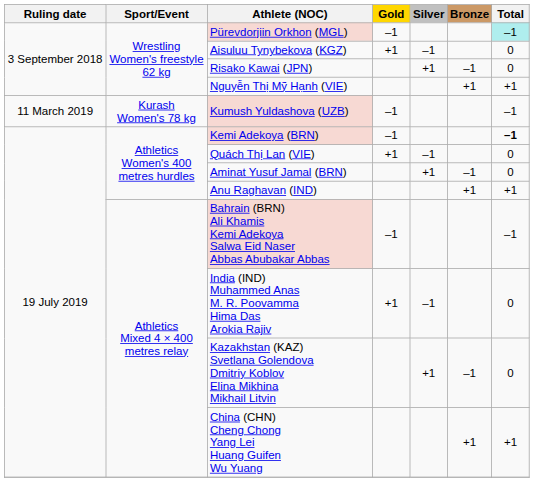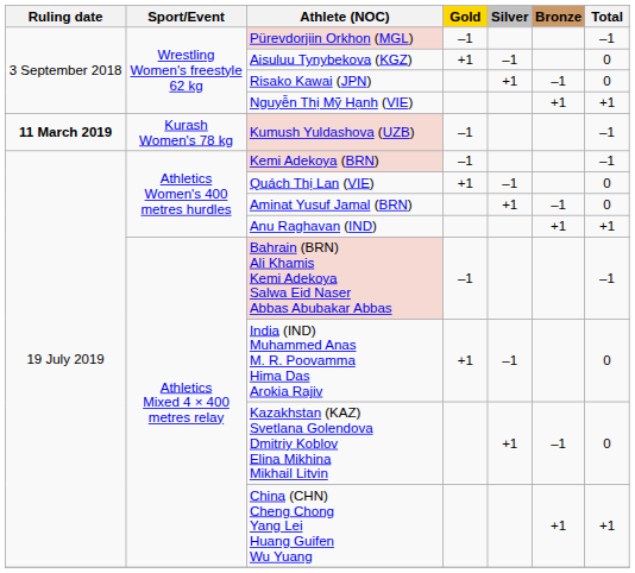 <table class="wikitable" style="text-align:center; font-size:90%;">
 <tr>
 <th scope="col" width="120">Ruling date</th>
 <th scope="col" width="120">Sport/Event</th>
 <th scope="col" width="200">Athlete (NOC)</th>
 <th scope="col" width="40" style="background-color:gold">Gold</th>
 <th scope="col" width="40" style="background-color:silver">Silver</th>
 <th scope="col" width="40" style="background-color:#c96">Bronze</th>
 <th scope="col" width="40">Total</th>
 </tr>
 <tr>
 <td rowspan=4>3 September 2018</td>
 <td rowspan=4><a href='#'>Wrestling</a><br><a href='#'>Women's freestyle 62 kg</a></td>
 <td align=left style="background-color: #F7D9D3;"> <a href='#'>Pürevdorjiin Orkhon</a> (<a href='#'>MGL</a>)</td>
 <td>–1</td>
 <td></td>
 <td></td>
-<td style="background: paleturquoise;">–1</td>
+<td>–1</td>
 </tr>
 <tr>
 <td align=left> <a href='#'>Aisuluu Tynybekova</a> (<a href='#'>KGZ</a>)</td>
 <td>+1</td>
 <td>–1</td>
 <td></td>
 <td>0</td>
 </tr>
 <tr>
 <td align=left> <a href='#'>Risako Kawai</a> (<a href='#'>JPN</a>)</td>
 <td></td>
 <td>+1</td>
 <td>–1</td>
 <td>0</td>
 </tr>
 <tr>
 <td align=left> <a href='#'>Nguyễn Thị Mỹ Hạnh</a> (<a href='#'>VIE</a>)</td>
 <td></td>
 <td></td>
 <td>+1</td>
 <td>+1</td>
 </tr>
 <tr>
-<td>11 March 2019</td>
+<td><strong>11 March 2019</strong></td>
 <td><a href='#'>Kurash</a><br><a href='#'>Women's 78 kg</a></td>
 <td align=left style="background-color: #F7D9D3;"> <a href='#'>Kumush Yuldashova</a> (<a href='#'>UZB</a>)</td>
 <td>–1</td>
 <td></td>
 <td></td>
 <td>–1</td>
 </tr>
 <tr>
 <td rowspan=8>19 July 2019</td>
 <td rowspan=4><a href='#'>Athletics</a><br><a href='#'>Women's 400 metres hurdles</a></td>
 <td align=left style="background-color: #F7D9D3;"> <a href='#'>Kemi Adekoya</a> (<a href='#'>BRN</a>)</td>
 <td>–1</td>
 <td></td>
 <td></td>
-<td><strong>–1</strong></td>
+<td>–1</td>
 </tr>
 <tr>
 <td align=left> <a href='#'>Quách Thị Lan</a> (<a href='#'>VIE</a>)</td>
 <td>+1</td>
 <td>–1</td>
 <td></td>
 <td>0</td>
 </tr>
 <tr>
 <td align=left> <a href='#'>Aminat Yusuf Jamal</a> (<a href='#'>BRN</a>)</td>
 <td></td>
 <td>+1</td>
 <td>–1</td>
 <td>0</td>
 </tr>
 <tr>
 <td align=left> <a href='#'>Anu Raghavan</a> (<a href='#'>IND</a>)</td>
 <td></td>
 <td></td>
 <td>+1</td>
 <td>+1</td>
 </tr>
 <tr>
 <td rowspan=4><a href='#'>Athletics</a><br><a href='#'>Mixed 4 × 400 metres relay</a></td>
 <td align=left style="background-color: #F7D9D3;"> <a href='#'>Bahrain</a> (BRN)<br><a href='#'>Ali Khamis</a><br><a href='#'>Kemi Adekoya</a><br><a href='#'>Salwa Eid Naser</a><br><a href='#'>Abbas Abubakar Abbas</a></td>
 <td>–1</td>
 <td></td>
 <td></td>
 <td>–1</td>
 </tr>
 <tr>
 <td align=left> <a href='#'>India</a> (IND)<br><a href='#'>Muhammed Anas</a><br><a href='#'>M. R. Poovamma</a><br><a href='#'>Hima Das</a><br><a href='#'>Arokia Rajiv</a></td>
 <td>+1</td>
 <td>–1</td>
 <td></td>
 <td>0</td>
 </tr>
 <tr>
 <td align=left> <a href='#'>Kazakhstan</a> (KAZ)<br><a href='#'>Svetlana Golendova</a><br><a href='#'>Dmitriy Koblov</a><br><a href='#'>Elina Mikhina</a><br><a href='#'>Mikhail Litvin</a></td>
 <td></td>
 <td>+1</td>
 <td>–1</td>
 <td>0</td>
 </tr>
 <tr>
 <td align=left> <a href='#'>China</a> (CHN)<br><a href='#'>Cheng Chong</a><br><a href='#'>Yang Lei</a><br><a href='#'>Huang Guifen</a><br><a href='#'>Wu Yuang</a></td>
 <td></td>
 <td></td>
 <td>+1</td>
 <td>+1</td>
 </tr>
 <tr>
 </tr>
 </table>
